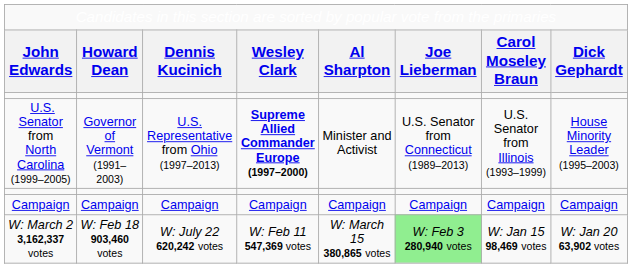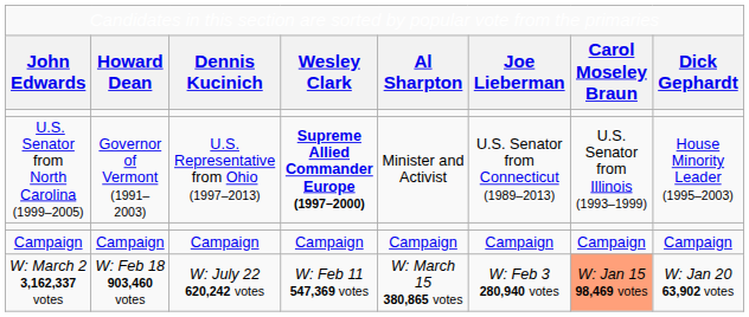 <table class="wikitable mw-collapsible mw-collapsed" style="font-size:90%">
 <tr>
 <td colspan="12" style="text-align:center; width:700px; font-size:120%; color:white; background:"><em>Candidates in this section are sorted by popular vote from the primaries</em></td>
 </tr>
 <tr>
 <th scope="col" style="width:3em; font-size:120%;"><strong><a href='#'>John Edwards</a></strong></th>
 <th scope="col" style="width:3em; font-size:120%;"><strong><a href='#'>Howard Dean</a></strong></th>
 <th scope="col" style="width:3em; font-size:120%;"><strong><a href='#'>Dennis Kucinich</a></strong></th>
 <th scope="col" style="width:3em; font-size:120%;"><strong><a href='#'>Wesley Clark</a></strong></th>
 <th scope="col" style="width:3em; font-size:120%;"><strong><a href='#'>Al Sharpton</a></strong></th>
 <th scope="col" style="width:3em; font-size:120%;"><strong><a href='#'>Joe Lieberman</a></strong></th>
 <th scope="col" style="width:3em; font-size:120%;"><strong><a href='#'>Carol Moseley<br>Braun</a></strong></th>
 <th scope="col" style="width:3em; font-size:120%;"><strong><a href='#'>Dick Gephardt</a></strong></th>
 </tr>
 <tr>
 <td></td>
 <td></td>
 <td></td>
 <td></td>
 <td></td>
 <td></td>
 <td></td>
 <td></td>
 </tr>
 <tr style="text-align:center">
 <td> <a href='#'>U.S. Senator</a> from<br><a href='#'>North Carolina</a><br><small>(1999–2005)</small></td>
 <td><a href='#'></a><br><a href='#'>Governor of Vermont</a><br><small>(1991–2003)</small></td>
 <td><a href='#'>U.S. Representative</a> from <a href='#'>Ohio</a><br><small>(1997–</small><small>20</small><small>13)</small></td>
 <td><strong><a href='#'>Supreme Allied</a><br><a href='#'>Commander Europe</a><br><small>(1997–2000)</small></strong></td>
 <td>Minister and Activist</td>
 <td>U.S. Senator<br>from <a href='#'>Connecticut</a><br><small>(1989–2013)</small></td>
 <td>U.S. Senator<br>from <a href='#'>Illinois</a><br><small>(1993–1999)</small></td>
 <td><a href='#'>House Minority Leader</a><br><small>(1995–2003)</small></td>
 </tr>
 <tr>
 <td></td>
 <td></td>
 <td></td>
 <td></td>
 <td></td>
 <td></td>
 <td></td>
 <td></td>
 </tr>
 <tr style="text-align:center">
 <td><a href='#'>Campaign</a></td>
 <td><a href='#'>Campaign</a></td>
 <td><a href='#'>Campaign</a></td>
 <td><a href='#'>Campaign</a></td>
 <td><a href='#'>Campaign</a></td>
 <td><a href='#'>Campaign</a></td>
 <td><a href='#'>Campaign</a></td>
 <td><a href='#'>Campaign</a></td>
 </tr>
 <tr style="text-align:center">
 <td><em>W: March 2</em><br><small><strong>3,162,337</strong> votes</small></td>
 <td><em>W: Feb 18</em><br><small><strong>903,460</strong> votes</small></td>
 <td><em>W: July 22</em><br><strong><small>620,242</small></strong> <small>votes</small></td>
 <td><em>W: Feb 11</em><br><small><strong>547,369</strong> votes</small></td>
 <td><em>W: March 15</em><br><strong><small>380,865</small></strong> <small>votes</small></td>
-<td style="background: lightgreen;"><em>W: Feb 3</em><br><strong><small>280,940</small></strong> <small>votes</small></td>
-<td><em>W: Jan 15</em><br><strong><small>98,469</small></strong> <small>votes</small></td>
+<td><em>W: Feb 3</em><br><strong><small>280,940</small></strong> <small>votes</small></td>
+<td style="background: lightsalmon;"><em>W: Jan 15</em><br><strong><small>98,469</small></strong> <small>votes</small></td>
 <td><em>W: Jan 20</em><br><small><strong>63,902</strong> votes</small></td>
 </tr>
 </table>
